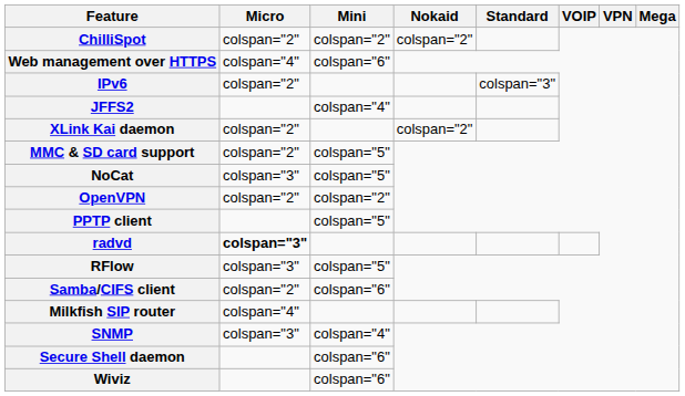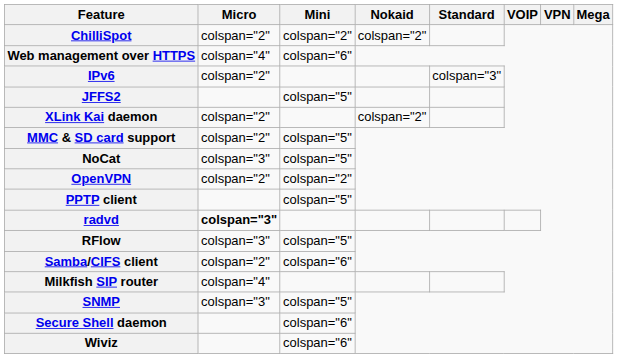 <table class="wikitable sortable">
 <tr>
 <th>Feature</th>
 <th>Micro<br></th>
 <th>Mini<br></th>
 <th>Nokaid<br></th>
 <th>Standard<br></th>
 <th>VOIP<br></th>
 <th>VPN<br></th>
 <th>Mega<br></th>
 </tr>
 <tr>
 <th><a href='#'>ChilliSpot</a></th>
 <td>colspan="2" </td>
 <td>colspan="2" </td>
 <td>colspan="2" </td>
 <td></td>
 </tr>
 <tr>
 <th>Web management over <a href='#'>HTTPS</a></th>
 <td>colspan="4" </td>
 <td>colspan="6" </td>
 </tr>
 <tr>
 <th><a href='#'>IPv6</a></th>
 <td>colspan="2" </td>
 <td></td>
 <td></td>
 <td>colspan="3" </td>
 </tr>
 <tr>
 <th><a href='#'>JFFS2</a></th>
 <td></td>
-<td>colspan="4" </td>
+<td>colspan="5" </td>
 <td></td>
 <td></td>
 </tr>
 <tr>
 <th><a href='#'>XLink Kai</a> daemon</th>
 <td>colspan="2" </td>
 <td></td>
 <td>colspan="2" </td>
 <td></td>
 </tr>
 <tr>
 <th><a href='#'>MMC</a> & <a href='#'>SD card</a> support</th>
 <td>colspan="2" </td>
 <td>colspan="5" </td>
 </tr>
 <tr>
 <th>NoCat</th>
 <td>colspan="3" </td>
 <td>colspan="5" </td>
 </tr>
 <tr>
 <th><a href='#'>OpenVPN</a></th>
 <td>colspan="2" </td>
 <td>colspan="2" </td>
 </tr>
 <tr>
 <th><a href='#'>PPTP</a> client</th>
 <td></td>
 <td>colspan="5" </td>
 </tr>
 <tr>
 <th><a href='#'>radvd</a></th>
 <td><strong>colspan="3" </strong></td>
 <td></td>
 <td></td>
 <td></td>
 <td></td>
 </tr>
 <tr>
 <th>RFlow </th>
 <td>colspan="3" </td>
 <td>colspan="5" </td>
 </tr>
 <tr>
 <th><a href='#'>Samba</a>/<a href='#'>CIFS</a> client</th>
 <td>colspan="2" </td>
 <td>colspan="6" </td>
 </tr>
 <tr>
 <th>Milkfish <a href='#'>SIP</a> router</th>
 <td>colspan="4" </td>
 <td></td>
 <td></td>
 <td></td>
 </tr>
 <tr>
 <th><a href='#'>SNMP</a></th>
 <td>colspan="3" </td>
-<td>colspan="4" </td>
+<td>colspan="5" </td>
 </tr>
 <tr>
 <th><a href='#'>Secure Shell</a> daemon</th>
 <td></td>
 <td>colspan="6" </td>
 </tr>
 <tr>
 <th>Wiviz</th>
 <td></td>
 <td>colspan="6" </td>
 </tr>
 </table>
